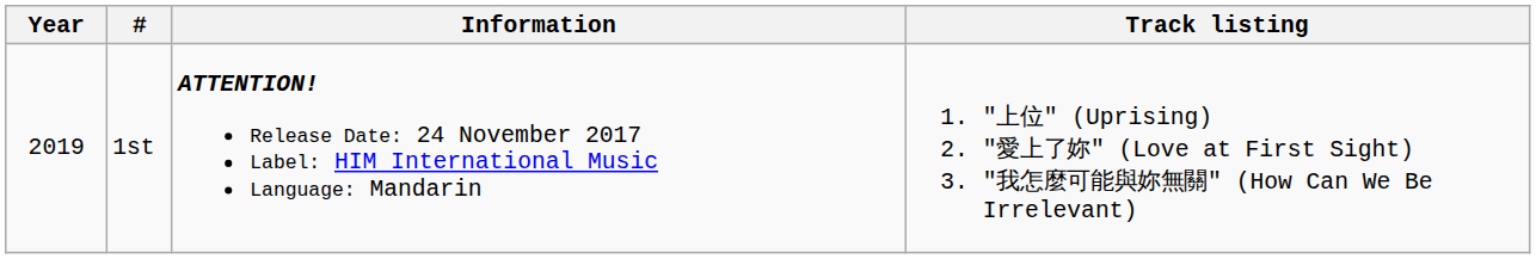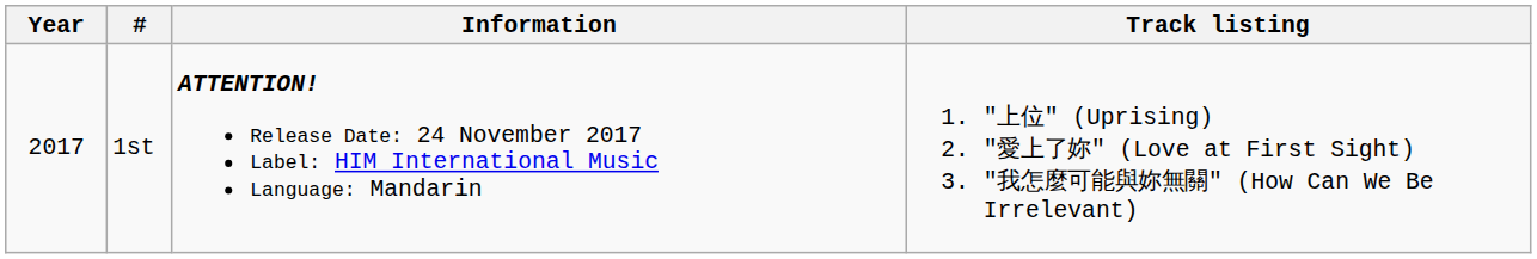 <table class="wikitable">
 <tr>
 <th style="width:50px;">Year</th>
 <th style="width:30px;">#</th>
 <th style="width:400px;">Information</th>
 <th style="width:340px;">Track listing</th>
 </tr>
 <tr>
-<td style="text-align:center">2019</td>
+<td style="text-align:center">2017</td>
 <td>1st</td>
 <td><strong><em>ATTENTION!</em></strong><br><ul><li><small>Release Date:</small> 24 November 2017</li><li><small>Label:</small> <a href='#'>HIM International Music</a></li><li><small>Language:</small> Mandarin</li></ul></td>
 <td><br><ol><li>"上位" (Uprising)</li><li>"愛上了妳" (Love at First Sight)</li><li>"我怎麼可能與妳無關" (How Can We Be Irrelevant)</li></ol></td>
 </tr>
 </table>
